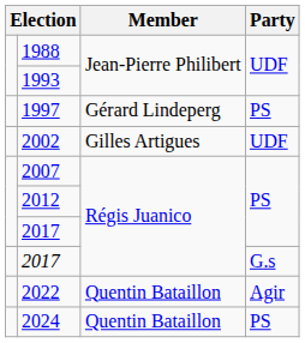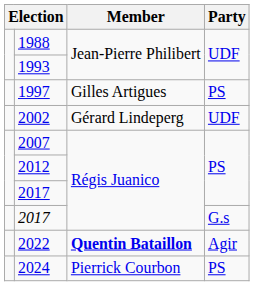 <table class="wikitable">
 <tr>
 <th colspan="2">Election</th>
 <th>Member</th>
 <th>Party</th>
 </tr>
 <tr>
 <td rowspan="2" style="color:inherit;background-color:"></td>
 <td><a href='#'>1988</a></td>
 <td rowspan="2">Jean-Pierre Philibert</td>
 <td rowspan="2"><a href='#'>UDF</a></td>
 </tr>
 <tr>
 <td><a href='#'>1993</a></td>
 </tr>
 <tr>
 <td style="color:inherit;background-color:"></td>
 <td><a href='#'>1997</a></td>
-<td>Gérard Lindeperg</td>
+<td>Gilles Artigues</td>
 <td><a href='#'>PS</a></td>
 </tr>
 <tr>
 <td style="color:inherit;background-color:"></td>
 <td><a href='#'>2002</a></td>
-<td>Gilles Artigues</td>
+<td>Gérard Lindeperg</td>
 <td><a href='#'>UDF</a></td>
 </tr>
 <tr>
 <td rowspan="3" style="color:inherit;background-color:"></td>
 <td><a href='#'>2007</a></td>
 <td rowspan="4"><a href='#'>Régis Juanico</a></td>
 <td rowspan="3"><a href='#'>PS</a></td>
 </tr>
 <tr>
 <td><a href='#'>2012</a></td>
 </tr>
 <tr>
 <td><a href='#'>2017</a></td>
 </tr>
 <tr>
 <td style="color:inherit;background-color:"></td>
 <td><em>2017</em></td>
 <td><a href='#'>G.s</a></td>
 </tr>
 <tr>
 <td style="color:inherit;background-color:"></td>
 <td><a href='#'>2022</a></td>
-<td><a href='#'>Quentin Bataillon</a></td>
+<td><strong><a href='#'>Quentin Bataillon</a></strong></td>
 <td><a href='#'>Agir</a></td>
 </tr>
 <tr>
 <td style="color:inherit;background-color:"></td>
 <td><a href='#'>2024</a></td>
-<td><a href='#'>Quentin Bataillon</a></td>
+<td><a href='#'>Pierrick Courbon</a></td>
 <td><a href='#'>PS</a></td>
 </tr>
 </table>
